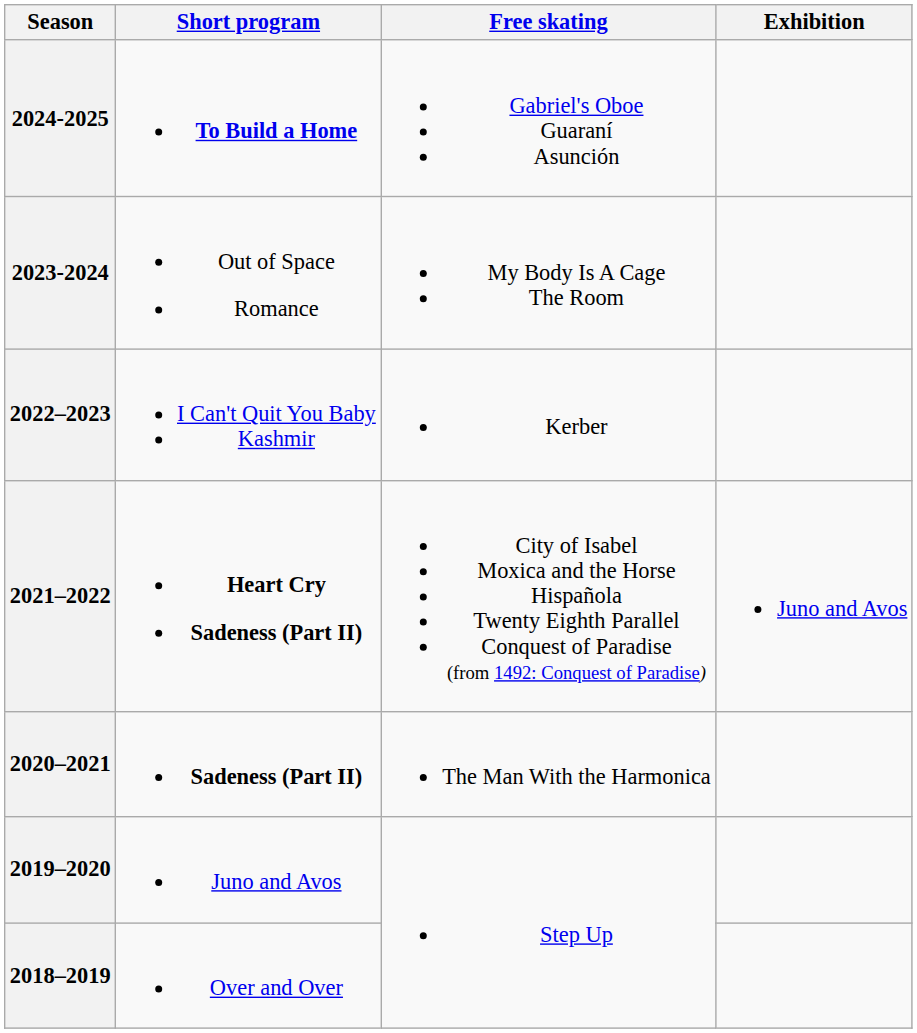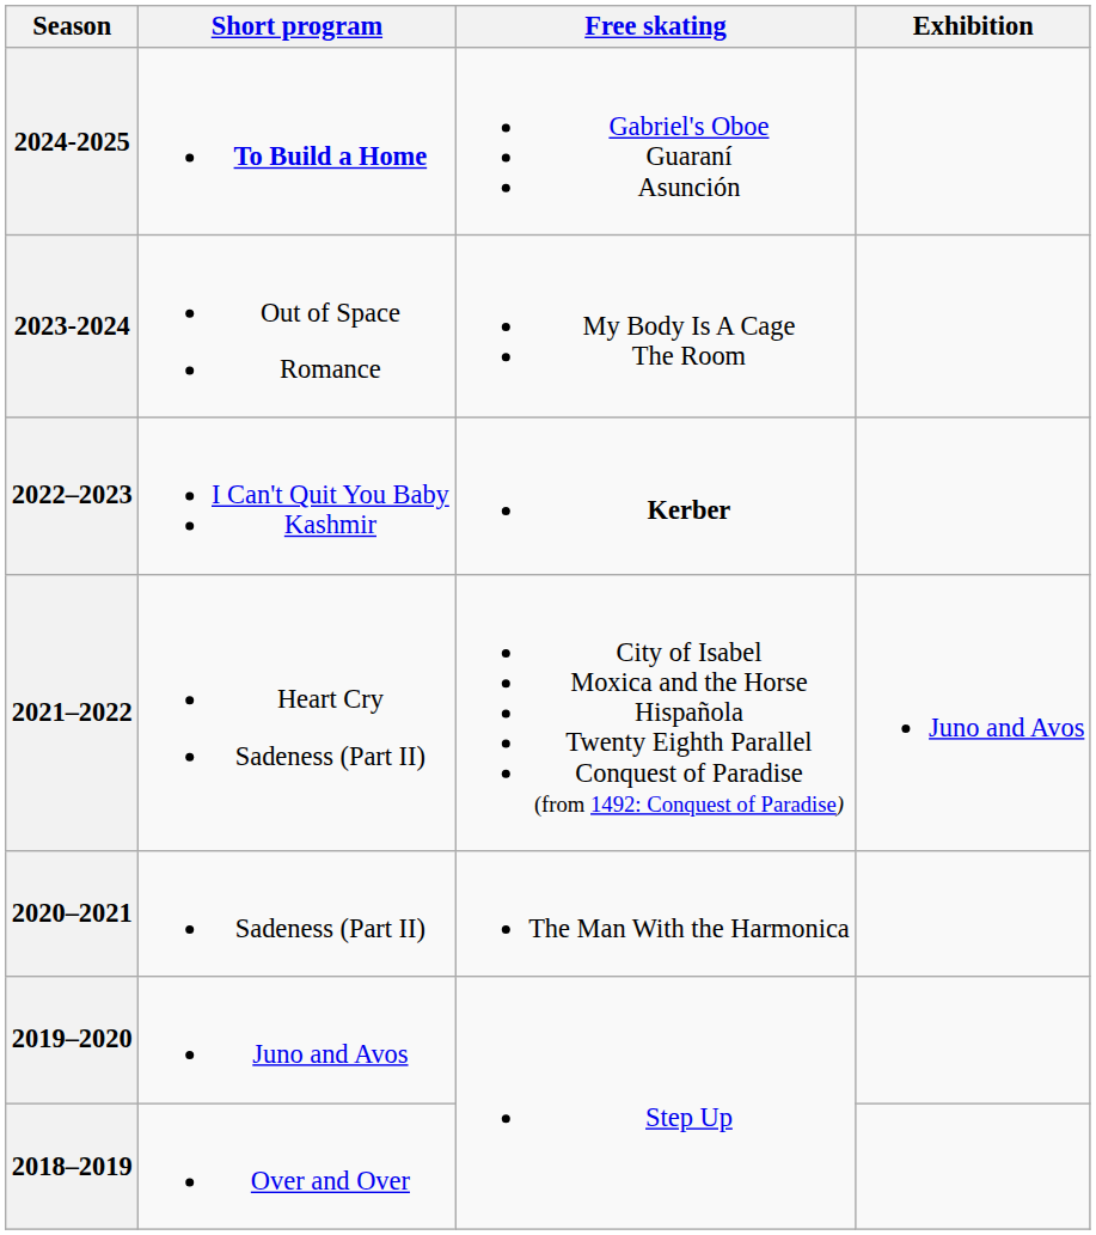 <table class=wikitable style=text-align:center>
 <tr>
 <th>Season</th>
 <th><a href='#'>Short program</a></th>
 <th><a href='#'>Free skating</a></th>
 <th>Exhibition</th>
 </tr>
 <tr>
 <th>2024-2025</th>
 <td><strong><br><ul><li><a href='#'>To Build a Home</a> <br> </li></ul></strong></td>
 <td><br><ul><li><a href='#'>Gabriel's Oboe</a> <br> </li><li>Guaraní</li><li>Asunción <br> </li></ul></td>
 </tr>
 <tr>
 <th>2023-2024</th>
 <td><br><ul><li>Out of Space <br> </li></ul><ul><li>Romance <br> </li></ul></td>
 <td><br><ul><li>My Body Is A Cage <br> </li><li>The Room <br> </li></ul></td>
 <td></td>
 </tr>
 <tr>
 <th>2022–2023</th>
 <td><br><ul><li><a href='#'>I Can't Quit You Baby</a></li><li><a href='#'>Kashmir</a> <br> </li></ul></td>
-<td><br><ul><li>Kerber <br> </li></ul></td>
+<td><strong><br><ul><li>Kerber <br> </li></ul></strong></td>
 </tr>
 <tr>
 <th>2021–2022 <br> </th>
-<td><strong><br><ul><li>Heart Cry <br> </li></ul><ul><li>Sadeness (Part II) <br> </li></ul></strong></td>
+<td><br><ul><li>Heart Cry <br> </li></ul><ul><li>Sadeness (Part II) <br> </li></ul></td>
 <td><br><ul><li>City of Isabel</li><li>Moxica and the Horse</li><li>Hispañola</li><li>Twenty Eighth Parallel</li><li>Conquest of Paradise<br> <small>(from <em><a href='#'></em>1492: Conquest of Paradise<em></a>)</em></small><em><br></em></li></ul></td>
 <td><br><ul><li><a href='#'>Juno and Avos</a> <br></li></ul></td>
 </tr>
 <tr>
 <th>2020–2021 <br> </th>
-<td><strong><br><ul><li>Sadeness (Part II) <br> </li></ul></strong></td>
+<td><br><ul><li>Sadeness (Part II) <br> </li></ul></td>
 <td><br><ul><li>The Man With the Harmonica <br> </li></ul></td>
 <td></td>
 </tr>
 <tr>
 <th>2019–2020 <br></th>
 <td><br><ul><li><a href='#'>Juno and Avos</a> <br></li></ul></td>
 <td rowspan=2><br><ul><li><a href='#'>Step Up</a> <br></li></ul></td>
 <td></td>
 </tr>
 <tr>
 <th>2018–2019 <br></th>
 <td><br><ul><li><a href='#'>Over and Over</a> <br></li></ul></td>
 <td></td>
 </tr>
 </table>
